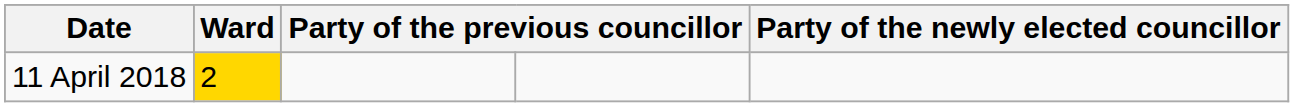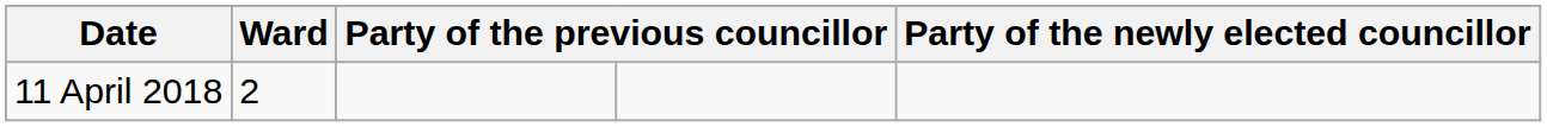 <table class="wikitable">
 <tr>
 <th>Date</th>
 <th>Ward</th>
 <th colspan=2>Party of the previous councillor</th>
 <th colspan=2>Party of the newly elected councillor</th>
 </tr>
 <tr>
 <td>11 April 2018</td>
-<td style="background: gold;">2</td>
+<td>2</td>
 <td></td>
 <td></td>
 </tr>
 </table>
